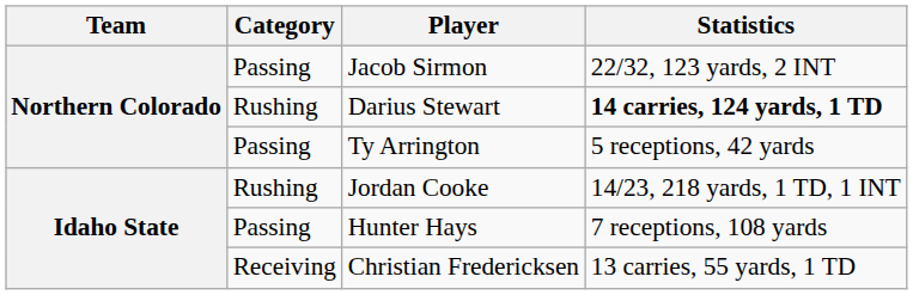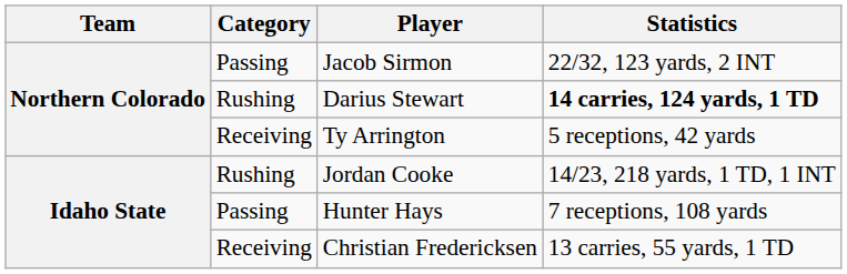 <table class="wikitable" style="float: right;">
 <tr>
 <th>Team</th>
 <th>Category</th>
 <th>Player</th>
 <th>Statistics</th>
 </tr>
 <tr>
 <th rowspan=3>Northern Colorado</th>
 <td>Passing</td>
 <td>Jacob Sirmon</td>
 <td>22/32, 123 yards, 2 INT</td>
 </tr>
 <tr>
 <td>Rushing</td>
 <td>Darius Stewart</td>
 <td><strong>14 carries, 124 yards, 1 TD</strong></td>
 </tr>
 <tr>
-<td>Passing</td>
+<td>Receiving</td>
 <td>Ty Arrington</td>
 <td>5 receptions, 42 yards</td>
 </tr>
 <tr>
 <th rowspan=3>Idaho State</th>
 <td>Rushing</td>
 <td>Jordan Cooke</td>
 <td>14/23, 218 yards, 1 TD, 1 INT</td>
 </tr>
 <tr>
 <td>Passing</td>
 <td>Hunter Hays</td>
 <td>7 receptions, 108 yards</td>
 </tr>
 <tr>
 <td>Receiving</td>
 <td>Christian Fredericksen</td>
 <td>13 carries, 55 yards, 1 TD</td>
 </tr>
 </table>
